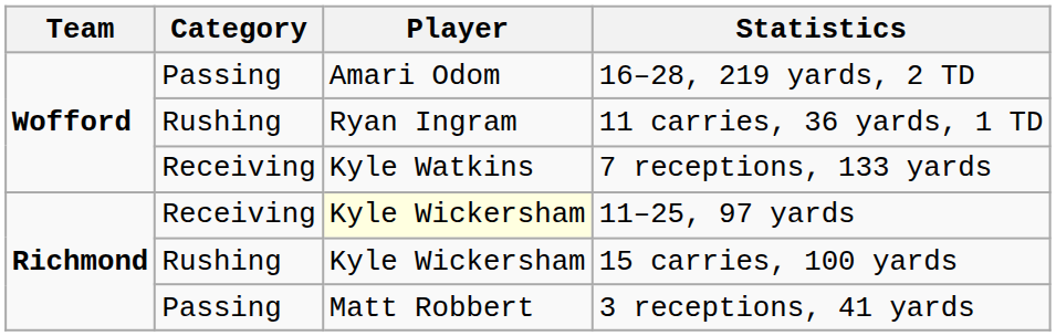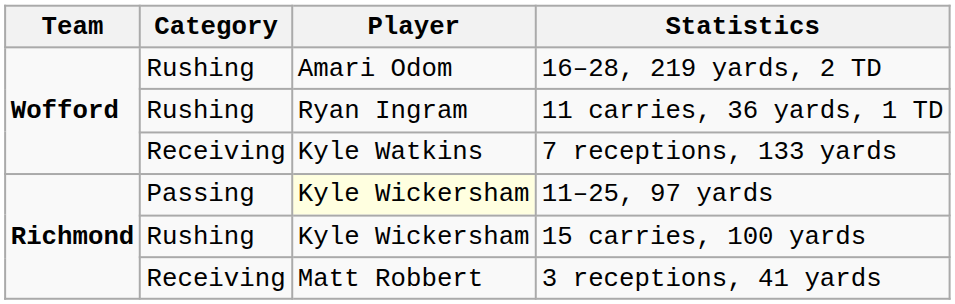 <table class="wikitable" style="float: right;">
 <tr>
 <th>Team</th>
 <th>Category</th>
 <th>Player</th>
 <th>Statistics</th>
 </tr>
 <tr>
 <td rowspan=3><strong>Wofford</strong></td>
-<td>Passing</td>
+<td>Rushing</td>
 <td>Amari Odom</td>
 <td>16–28, 219 yards, 2 TD</td>
 </tr>
 <tr>
 <td>Rushing</td>
 <td>Ryan Ingram</td>
 <td>11 carries, 36 yards, 1 TD</td>
 </tr>
 <tr>
 <td>Receiving</td>
 <td>Kyle Watkins</td>
 <td>7 receptions, 133 yards</td>
 </tr>
 <tr>
 <td rowspan=3><strong>Richmond</strong></td>
-<td>Receiving</td>
+<td>Passing</td>
 <td style="background: lightyellow;">Kyle Wickersham</td>
 <td>11–25, 97 yards</td>
 </tr>
 <tr>
 <td>Rushing</td>
 <td>Kyle Wickersham</td>
 <td>15 carries, 100 yards</td>
 </tr>
 <tr>
-<td>Passing</td>
+<td>Receiving</td>
 <td>Matt Robbert</td>
 <td>3 receptions, 41 yards</td>
 </tr>
 </table>
